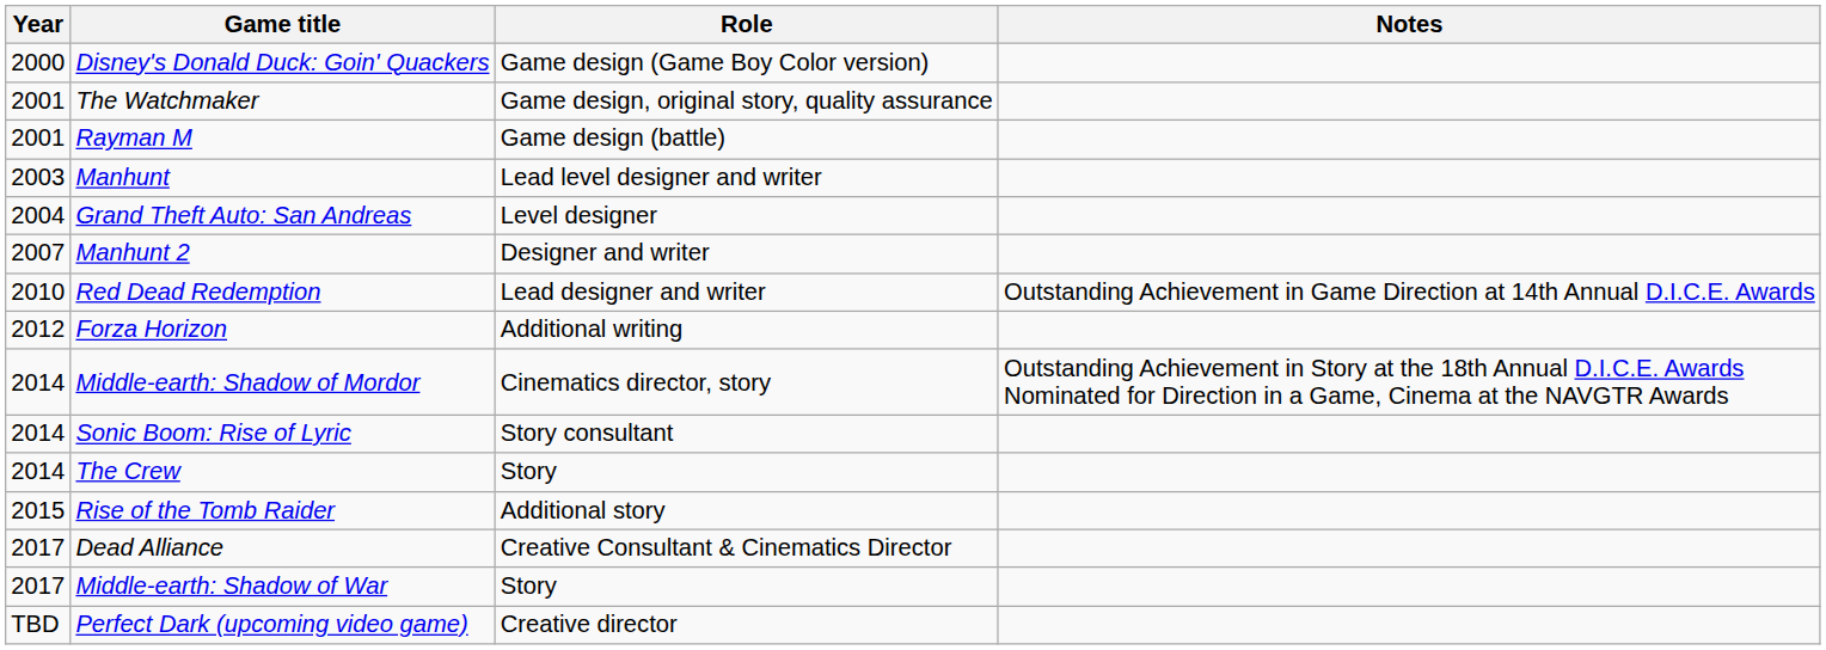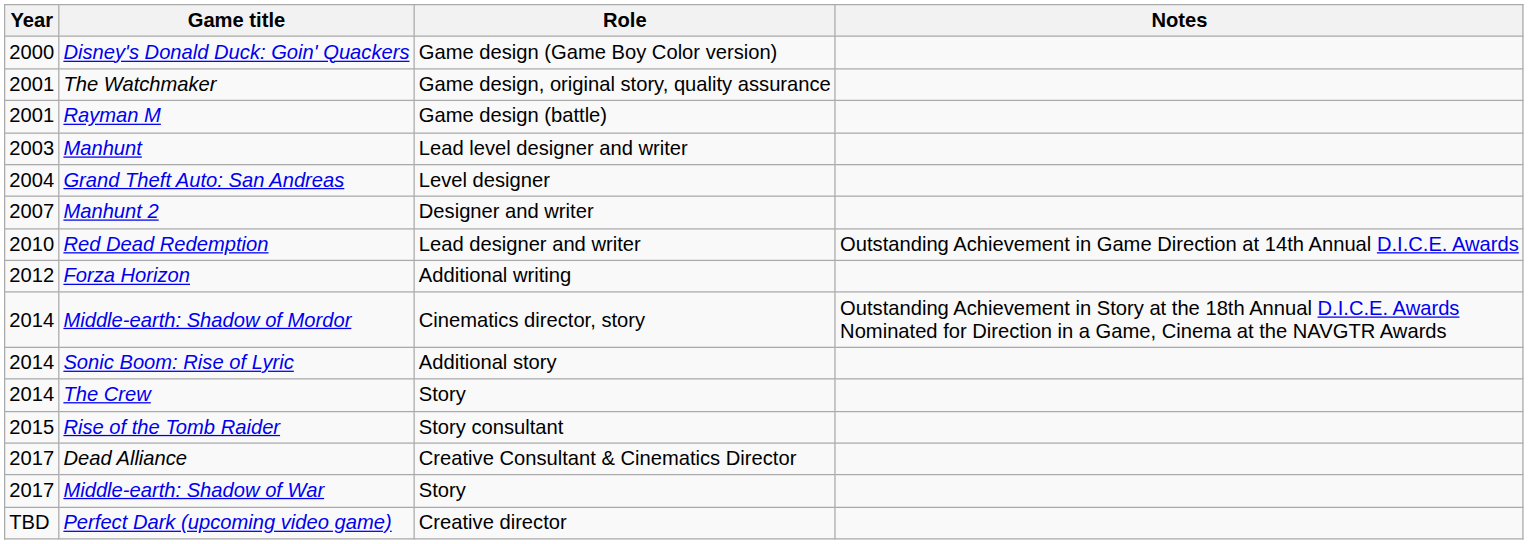 <table class="wikitable sortable" style="border:none; margin:0;">
 <tr valign="bottom">
 <th scope="col">Year</th>
 <th scope="col">Game title</th>
 <th scope="col">Role</th>
 <th scope="col">Notes</th>
 </tr>
 <tr>
 <td>2000</td>
 <td><em><a href='#'>Disney's Donald Duck: Goin' Quackers</a></em></td>
 <td>Game design (Game Boy Color version)</td>
 <td></td>
 </tr>
 <tr>
 <td>2001</td>
 <td><em>The Watchmaker</em></td>
 <td>Game design, original story, quality assurance</td>
 <td></td>
 </tr>
 <tr>
 <td>2001</td>
 <td><em><a href='#'>Rayman M</a></em></td>
 <td>Game design (battle)</td>
 <td></td>
 </tr>
 <tr>
 <td>2003</td>
 <td><em><a href='#'>Manhunt</a></em></td>
 <td>Lead level designer and writer</td>
 <td></td>
 </tr>
 <tr>
 <td>2004</td>
 <td><em><a href='#'>Grand Theft Auto: San Andreas</a></em></td>
 <td>Level designer</td>
 <td></td>
 </tr>
 <tr>
 <td>2007</td>
 <td><em><a href='#'>Manhunt 2</a></em></td>
 <td>Designer and writer</td>
 <td></td>
 </tr>
 <tr>
 <td>2010</td>
 <td><em><a href='#'>Red Dead Redemption</a></em></td>
 <td>Lead designer and writer</td>
 <td>Outstanding Achievement in Game Direction at 14th Annual <a href='#'>D.I.C.E. Awards</a></td>
 </tr>
 <tr>
 <td>2012</td>
 <td><em><a href='#'>Forza Horizon</a></em></td>
 <td>Additional writing</td>
 <td></td>
 </tr>
 <tr>
 <td>2014</td>
 <td><em><a href='#'>Middle-earth: Shadow of Mordor</a></em></td>
 <td>Cinematics director, story</td>
 <td>Outstanding Achievement in Story at the 18th Annual <a href='#'>D.I.C.E. Awards</a><br>Nominated for Direction in a Game, Cinema at the NAVGTR Awards</td>
 </tr>
 <tr>
 <td>2014</td>
 <td><em><a href='#'>Sonic Boom: Rise of Lyric</a></em></td>
-<td>Story consultant</td>
+<td>Additional story</td>
 <td></td>
 </tr>
 <tr>
 <td>2014</td>
 <td><em><a href='#'>The Crew</a></em></td>
 <td>Story</td>
 <td></td>
 </tr>
 <tr>
 <td>2015</td>
 <td><em><a href='#'>Rise of the Tomb Raider</a></em></td>
-<td>Additional story</td>
+<td>Story consultant</td>
 <td></td>
 </tr>
 <tr>
 <td>2017</td>
 <td><em>Dead Alliance</em></td>
 <td>Creative Consultant & Cinematics Director</td>
 <td></td>
 </tr>
 <tr>
 <td>2017</td>
 <td><em><a href='#'>Middle-earth: Shadow of War</a></em></td>
 <td>Story</td>
 <td></td>
 </tr>
 <tr>
 <td>TBD</td>
 <td><em><a href='#'>Perfect Dark (upcoming video game)</a></em></td>
 <td>Creative director</td>
 <td></td>
 </tr>
 </table>
